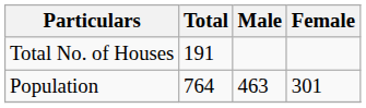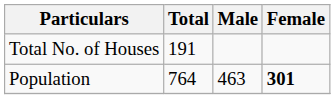 <table class="wikitable sortable">
 <tr>
 <th>Particulars</th>
 <th>Total</th>
 <th>Male</th>
 <th>Female</th>
 </tr>
 <tr>
 <td>Total No. of Houses</td>
 <td>191</td>
 <td></td>
 <td></td>
 </tr>
 <tr>
 <td>Population</td>
 <td>764</td>
 <td>463</td>
-<td>301</td>
+<td><strong>301</strong></td>
 </tr>
 <tr>
 </tr>
 </table>
